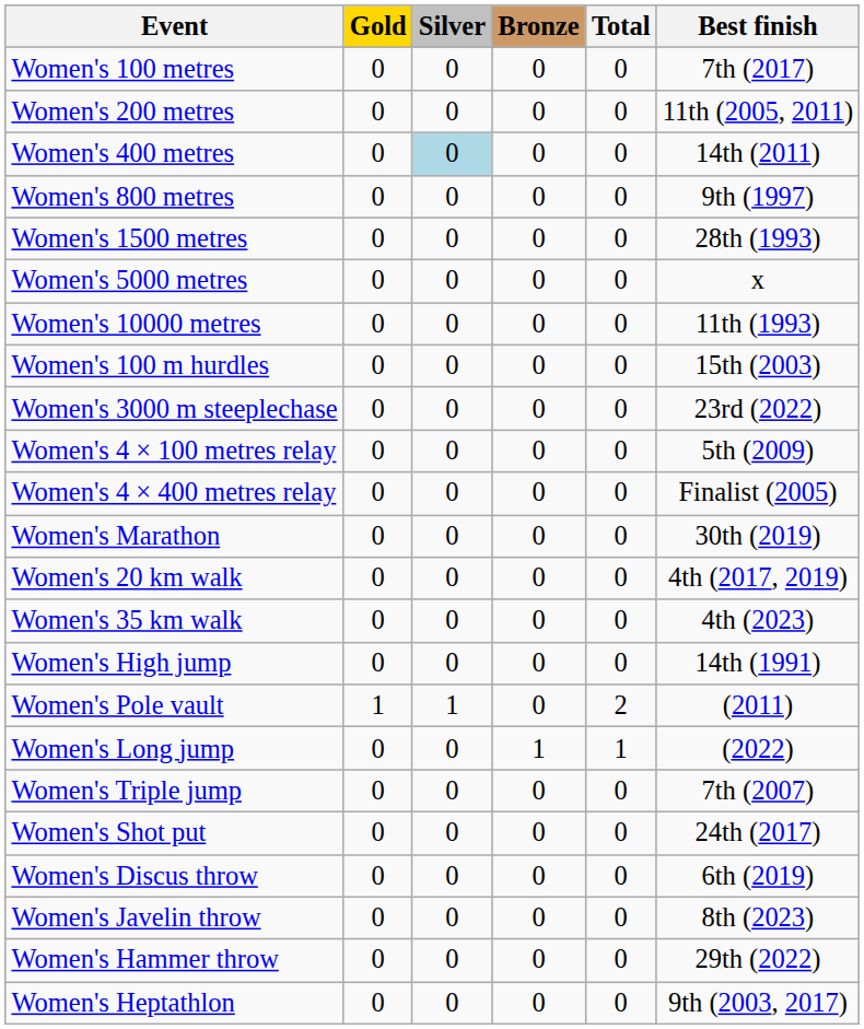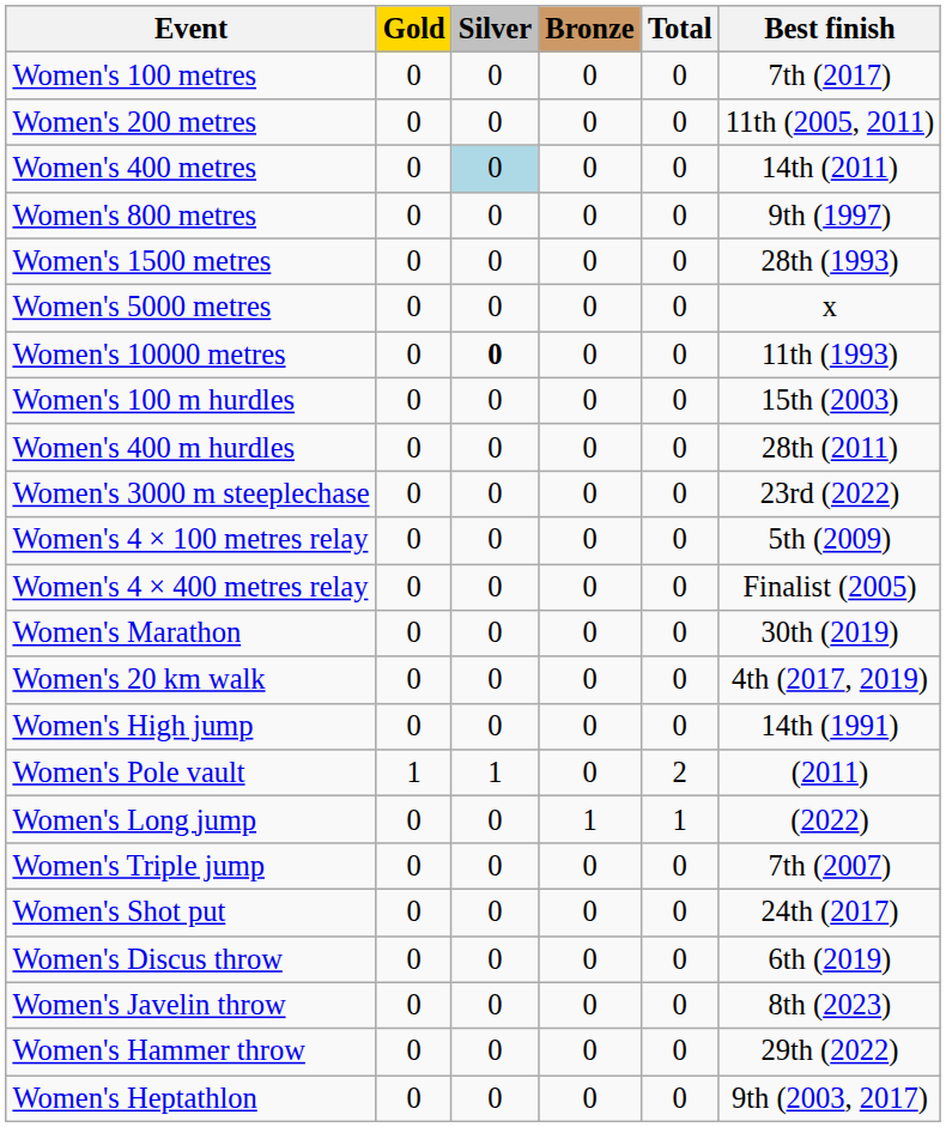 <table class="wikitable sortable" style="text-align:center">
 <tr>
 <th>Event</th>
 <th style="background-color:gold;">Gold</th>
 <th style="background-color:silver;">Silver</th>
 <th style="background-color:#c96;">Bronze</th>
 <th>Total</th>
 <th>Best finish</th>
 </tr>
 <tr>
 <td align=left><a href='#'>Women's 100 metres</a></td>
 <td>0</td>
 <td>0</td>
 <td>0</td>
 <td>0</td>
 <td>7th (<a href='#'>2017</a>)</td>
 </tr>
 <tr>
 <td align=left><a href='#'>Women's 200 metres</a></td>
 <td>0</td>
 <td>0</td>
 <td>0</td>
 <td>0</td>
 <td>11th (<a href='#'>2005</a>, <a href='#'>2011</a>)</td>
 </tr>
 <tr>
 <td align=left><a href='#'>Women's 400 metres</a></td>
 <td>0</td>
 <td style="background: lightblue;">0</td>
 <td>0</td>
 <td>0</td>
 <td>14th (<a href='#'>2011</a>)</td>
 </tr>
 <tr>
 <td align=left><a href='#'>Women's 800 metres</a></td>
 <td>0</td>
 <td>0</td>
 <td>0</td>
 <td>0</td>
 <td>9th (<a href='#'>1997</a>)</td>
 </tr>
 <tr>
 <td align=left><a href='#'>Women's 1500 metres</a></td>
 <td>0</td>
 <td>0</td>
 <td>0</td>
 <td>0</td>
 <td>28th (<a href='#'>1993</a>)</td>
 </tr>
 <tr>
 <td align=left><a href='#'>Women's 5000 metres</a></td>
 <td>0</td>
 <td>0</td>
 <td>0</td>
 <td>0</td>
 <td>x</td>
 </tr>
 <tr>
 <td align=left><a href='#'>Women's 10000 metres</a></td>
 <td>0</td>
-<td>0</td>
+<td><strong>0</strong></td>
 <td>0</td>
 <td>0</td>
 <td>11th (<a href='#'>1993</a>)</td>
 </tr>
 <tr>
 <td align=left><a href='#'>Women's 100 m hurdles</a></td>
 <td>0</td>
 <td>0</td>
 <td>0</td>
 <td>0</td>
 <td>15th (<a href='#'>2003</a>)</td>
+</tr>
+<tr>
+<td align=left><a href='#'>Women's 400 m hurdles</a></td>
+<td>0</td>
+<td>0</td>
+<td>0</td>
+<td>0</td>
+<td>28th (<a href='#'>2011</a>)</td>
 </tr>
 <tr>
 <td align=left><a href='#'>Women's 3000 m steeplechase</a></td>
 <td>0</td>
 <td>0</td>
 <td>0</td>
 <td>0</td>
 <td>23rd (<a href='#'>2022</a>)</td>
 </tr>
 <tr>
 <td align=left><a href='#'>Women's 4 × 100 metres relay</a></td>
 <td>0</td>
 <td>0</td>
 <td>0</td>
 <td>0</td>
 <td>5th (<a href='#'>2009</a>)</td>
 </tr>
 <tr>
 <td align=left><a href='#'>Women's 4 × 400 metres relay</a></td>
 <td>0</td>
 <td>0</td>
 <td>0</td>
 <td>0</td>
 <td>Finalist (<a href='#'>2005</a>)</td>
 </tr>
 <tr>
 <td align=left><a href='#'>Women's Marathon</a></td>
 <td>0</td>
 <td>0</td>
 <td>0</td>
 <td>0</td>
 <td>30th (<a href='#'>2019</a>)</td>
 </tr>
 <tr>
 <td align=left><a href='#'>Women's 20 km walk</a></td>
 <td>0</td>
 <td>0</td>
 <td>0</td>
 <td>0</td>
 <td>4th (<a href='#'>2017</a>, <a href='#'>2019</a>)</td>
-</tr>
-<tr>
-<td align=left><a href='#'>Women's 35 km walk</a></td>
-<td>0</td>
-<td>0</td>
-<td>0</td>
-<td>0</td>
-<td>4th (<a href='#'>2023</a>)</td>
 </tr>
 <tr>
 <td align=left><a href='#'>Women's High jump</a></td>
 <td>0</td>
 <td>0</td>
 <td>0</td>
 <td>0</td>
 <td>14th (<a href='#'>1991</a>)</td>
 </tr>
 <tr>
 <td align=left><a href='#'>Women's Pole vault</a></td>
 <td>1</td>
 <td>1</td>
 <td>0</td>
 <td>2</td>
 <td> (<a href='#'>2011</a>)</td>
 </tr>
 <tr>
 <td align=left><a href='#'>Women's Long jump</a></td>
 <td>0</td>
 <td>0</td>
 <td>1</td>
 <td>1</td>
 <td> (<a href='#'>2022</a>)</td>
 </tr>
 <tr>
 <td align=left><a href='#'>Women's Triple jump</a></td>
 <td>0</td>
 <td>0</td>
 <td>0</td>
 <td>0</td>
 <td>7th (<a href='#'>2007</a>)</td>
 </tr>
 <tr>
 <td align=left><a href='#'>Women's Shot put</a></td>
 <td>0</td>
 <td>0</td>
 <td>0</td>
 <td>0</td>
 <td>24th (<a href='#'>2017</a>)</td>
 </tr>
 <tr>
 <td align=left><a href='#'>Women's Discus throw</a></td>
 <td>0</td>
 <td>0</td>
 <td>0</td>
 <td>0</td>
 <td>6th (<a href='#'>2019</a>)</td>
 </tr>
 <tr>
 <td align=left><a href='#'>Women's Javelin throw</a></td>
 <td>0</td>
 <td>0</td>
 <td>0</td>
 <td>0</td>
 <td>8th (<a href='#'>2023</a>)</td>
 </tr>
 <tr>
 <td align=left><a href='#'>Women's Hammer throw</a></td>
 <td>0</td>
 <td>0</td>
 <td>0</td>
 <td>0</td>
 <td>29th (<a href='#'>2022</a>)</td>
 </tr>
 <tr>
 <td align=left><a href='#'>Women's Heptathlon</a></td>
 <td>0</td>
 <td>0</td>
 <td>0</td>
 <td>0</td>
 <td>9th (<a href='#'>2003</a>, <a href='#'>2017</a>)</td>
 </tr>
 <tr>
 </tr>
 </table>
